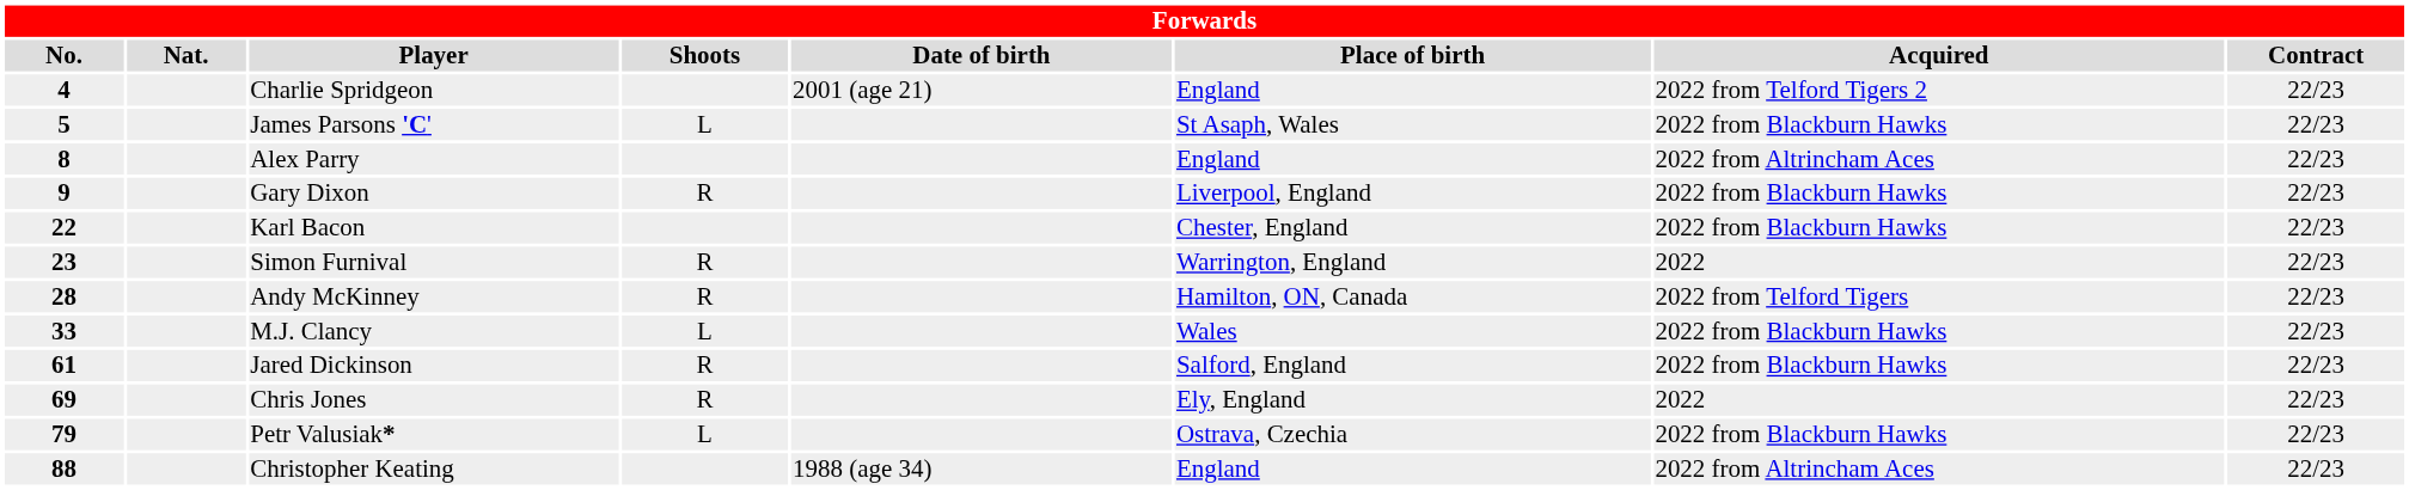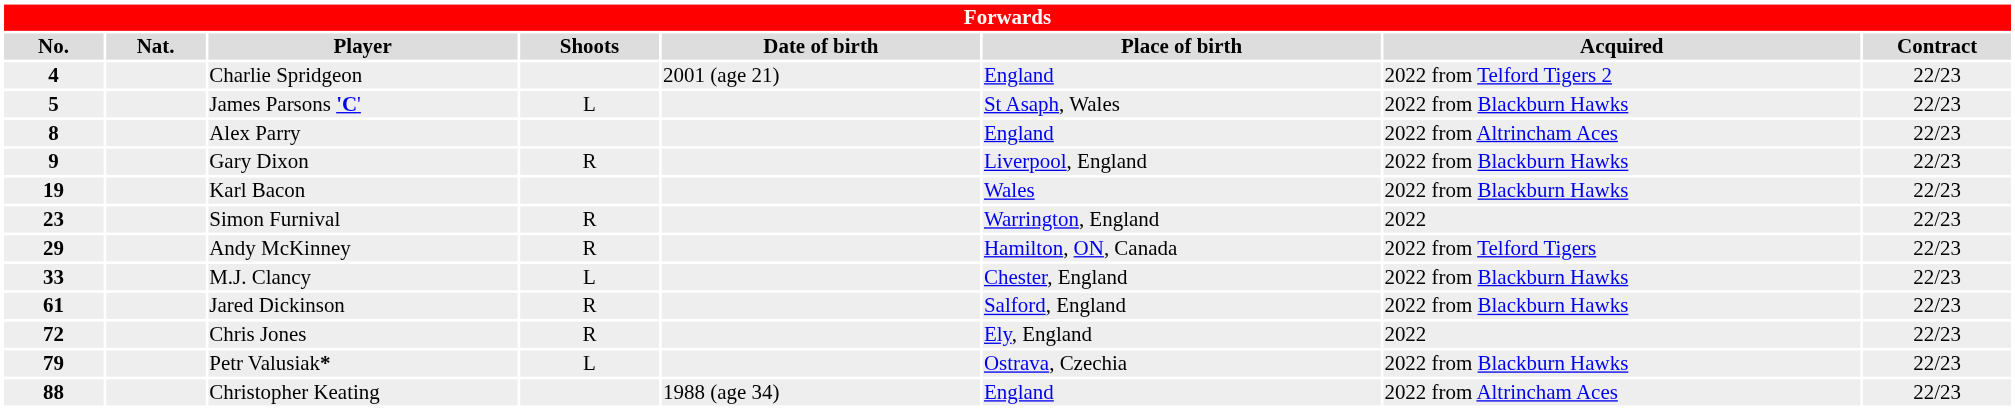 <table class="toccolours"  style="width:97%; clear:both; margin:1.5em auto; text-align:center;">
 <tr style="background:#ddd;">
 <th colspan="11" style="background:red; color:white;”">Forwards</th>
 </tr>
 <tr style="background:#ddd;">
 <th width=5%>No.</th>
 <th width=5%>Nat.</th>
 <th !width=22%>Player</th>
 <th width=7%>Shoots</th>
 <th width=16%>Date of birth</th>
 <th width=20%>Place of birth</th>
 <th width=24%>Acquired</th>
 <td><strong>Contract</strong></td>
 </tr>
 <tr style="background:#eee;">
 <td><strong>4</strong></td>
 <td></td>
 <td align=left>Charlie Spridgeon</td>
 <td></td>
 <td align=left>2001 (age 21)</td>
 <td align=left><a href='#'>England</a></td>
 <td align=left>2022 from <a href='#'>Telford Tigers 2</a></td>
 <td>22/23</td>
 </tr>
 <tr style="background:#eee;">
 <td><strong>5</strong></td>
 <td></td>
 <td align=left>James Parsons <a href='#'><strong>'C</strong>'</a></td>
 <td>L</td>
 <td align=left></td>
 <td align=left><a href='#'>St Asaph</a>, Wales</td>
 <td align=left>2022 from <a href='#'>Blackburn Hawks</a></td>
 <td>22/23</td>
 </tr>
 <tr style="background:#eee;">
 <td><strong>8</strong></td>
 <td></td>
 <td align=left>Alex Parry</td>
 <td></td>
 <td align=left></td>
 <td align=left><a href='#'>England</a></td>
 <td align=left>2022 from <a href='#'>Altrincham Aces</a></td>
 <td>22/23</td>
 </tr>
 <tr style="background:#eee;">
 <td><strong>9</strong></td>
 <td></td>
 <td align=left>Gary Dixon</td>
 <td>R</td>
 <td align=left></td>
 <td align=left><a href='#'>Liverpool</a>, England</td>
 <td align=left>2022 from <a href='#'>Blackburn Hawks</a></td>
 <td>22/23</td>
 </tr>
 <tr style="background:#eee;">
-<td><strong>22</strong></td>
+<td><strong>19</strong></td>
 <td></td>
 <td align=left>Karl Bacon</td>
 <td></td>
 <td align=left></td>
-<td align=left><a href='#'>Chester</a>, England</td>
+<td align=left><a href='#'>Wales</a></td>
 <td align=left>2022 from <a href='#'>Blackburn Hawks</a></td>
 <td>22/23</td>
 </tr>
 <tr style="background:#eee;">
 <td><strong>23</strong></td>
 <td></td>
 <td align=left>Simon Furnival</td>
 <td>R</td>
 <td align=left></td>
 <td align=left><a href='#'>Warrington</a>, England</td>
 <td align=left>2022</td>
 <td>22/23</td>
 </tr>
 <tr style="background:#eee;">
-<td><strong>28</strong></td>
+<td><strong>29</strong></td>
 <td></td>
 <td align=left>Andy McKinney</td>
 <td>R</td>
 <td align=left></td>
 <td align=left><a href='#'>Hamilton</a>, <a href='#'>ON</a>, Canada</td>
 <td align=left>2022 from <a href='#'>Telford Tigers</a></td>
 <td>22/23</td>
 </tr>
 <tr style="background:#eee;">
 <td><strong>33</strong></td>
 <td></td>
 <td align=left>M.J. Clancy</td>
 <td>L</td>
 <td align=left></td>
-<td align=left><a href='#'>Wales</a></td>
+<td align=left><a href='#'>Chester</a>, England</td>
 <td align=left>2022 from <a href='#'>Blackburn Hawks</a></td>
 <td>22/23</td>
 </tr>
 <tr style="background:#eee;">
 <td><strong>61</strong></td>
 <td></td>
 <td align=left>Jared Dickinson</td>
 <td>R</td>
 <td align=left></td>
 <td align=left><a href='#'>Salford</a>, England</td>
 <td align=left>2022 from <a href='#'>Blackburn Hawks</a></td>
 <td>22/23</td>
 </tr>
 <tr style="background:#eee;">
-<td><strong>69</strong></td>
+<td><strong>72</strong></td>
 <td></td>
 <td align=left>Chris Jones</td>
 <td>R</td>
 <td align=left></td>
 <td align=left><a href='#'>Ely</a>, England</td>
 <td align=left>2022</td>
 <td>22/23</td>
 </tr>
 <tr style="background:#eee;">
 <td><strong>79</strong></td>
 <td></td>
 <td align=left>Petr Valusiak<strong>*</strong></td>
 <td>L</td>
 <td align=left></td>
 <td align=left><a href='#'>Ostrava</a>, Czechia</td>
 <td align=left>2022 from <a href='#'>Blackburn Hawks</a></td>
 <td>22/23</td>
 </tr>
 <tr style="background:#eee;">
 <td><strong>88</strong></td>
 <td></td>
 <td align=left>Christopher Keating</td>
 <td></td>
 <td align=left>1988 (age 34)</td>
 <td align=left><a href='#'>England</a></td>
 <td align=left>2022 from <a href='#'>Altrincham Aces</a></td>
 <td>22/23</td>
 </tr>
 </table>
